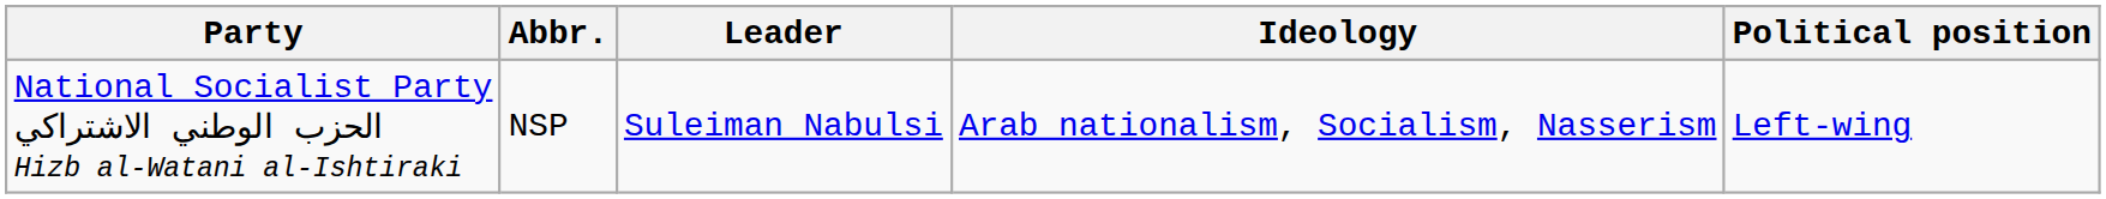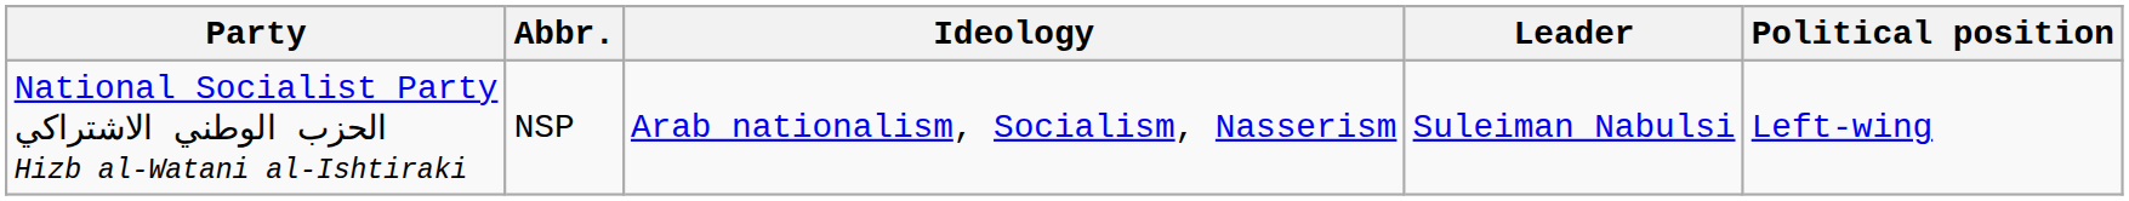 <table class="wikitable">
 <tr>
 <th>Party</th>
 <th>Abbr.</th>
+<th>Ideology</th>
 <th>Leader</th>
-<th>Ideology</th>
 <th>Political position</th>
 </tr>
 <tr>
 <td><a href='#'>National Socialist Party</a><br><span>الحزب الوطني الاشتراكي</span><small><br><em>Hizb al-Watani al-Ishtiraki</em></small></td>
 <td>NSP</td>
+<td><a href='#'>Arab nationalism</a>, <a href='#'>Socialism</a>, <a href='#'>Nasserism</a></td>
 <td><a href='#'>Suleiman Nabulsi</a></td>
-<td><a href='#'>Arab nationalism</a>, <a href='#'>Socialism</a>, <a href='#'>Nasserism</a></td>
 <td><a href='#'>Left-wing</a></td>
 </tr>
 </table>
